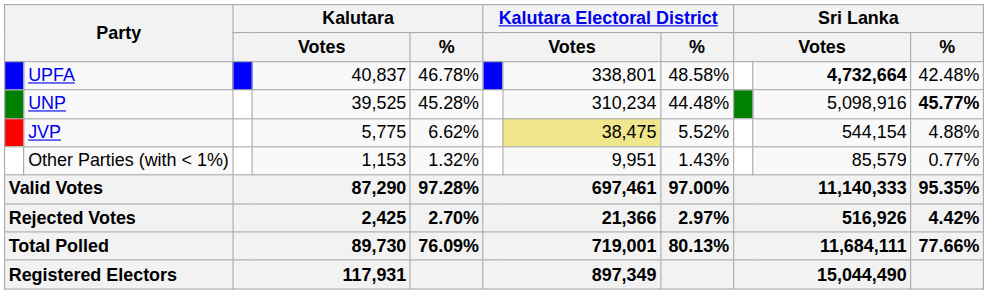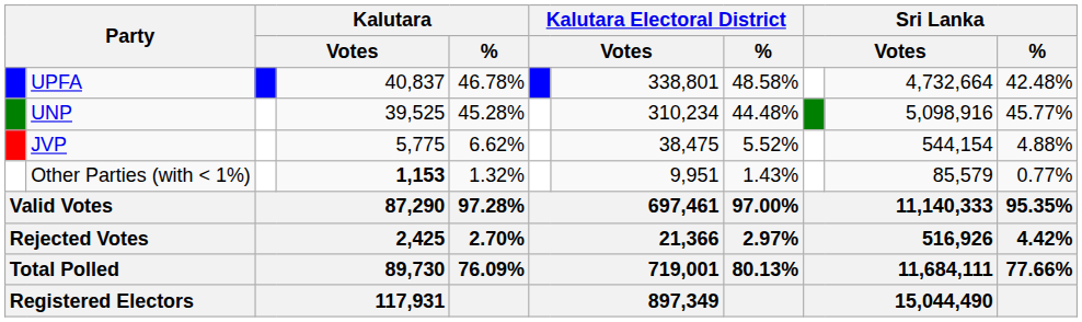 <table class="wikitable">
 <tr>
 <th colspan="2" width="144px"rowspan="2">Party</th>
 <th colspan="3" width="216px">Kalutara</th>
 <th colspan="3" width="216px"><a href='#'>Kalutara Electoral District</a></th>
 <th colspan="3" width="216px">Sri Lanka</th>
 </tr>
 <tr>
 <th colspan="2" width="144px">Votes</th>
 <th>%</th>
 <th colspan="2" width="144px">Votes</th>
 <th>%</th>
 <th colspan="2" width="144px">Votes</th>
 <th>%</th>
 </tr>
 <tr>
 <td style="background-color:blue;" width="10px"></td>
 <td style="text-align:left;"><a href='#'>UPFA</a></td>
 <td style="background-color:blue;" width="10px"></td>
 <td style="text-align:right;">40,837</td>
 <td style="text-align:right;">46.78%</td>
 <td style="background-color:blue;" width="10px"></td>
 <td style="text-align:right;">338,801</td>
 <td style="text-align:right;">48.58%</td>
 <td style="background-color:white;" width="10px"></td>
-<td style="text-align:right;"><strong>4,732,664</strong></td>
+<td style="text-align:right;">4,732,664</td>
 <td style="text-align:right;">42.48%</td>
 </tr>
 <tr>
 <td style="background-color:green;" width="10px"></td>
 <td style="text-align:left;"><a href='#'>UNP</a></td>
 <td style="background-color:white;" width="10px"></td>
 <td style="text-align:right;">39,525</td>
 <td style="text-align:right;">45.28%</td>
 <td style="background-color:white;" width="10px"></td>
 <td style="text-align:right;">310,234</td>
 <td style="text-align:right;">44.48%</td>
 <td style="background-color:green;" width="10px"></td>
 <td style="text-align:right;">5,098,916</td>
-<td style="text-align:right;"><strong>45.77%</strong></td>
+<td style="text-align:right;">45.77%</td>
 </tr>
 <tr>
 <td style="background-color:red;" width="10px"></td>
 <td style="text-align:left;"><a href='#'>JVP</a></td>
 <td style="background-color:white;" width="10px"></td>
 <td style="text-align:right;">5,775</td>
 <td style="text-align:right;">6.62%</td>
 <td style="background-color:white;" width="10px"></td>
-<td style="background: khaki; text-align:right;">38,475</td>
+<td style="text-align:right;">38,475</td>
 <td style="text-align:right;">5.52%</td>
 <td style="background-color:white;" width="10px"></td>
 <td style="text-align:right;">544,154</td>
 <td style="text-align:right;">4.88%</td>
 </tr>
 <tr>
 <td style="background-color:white;" width="10px"></td>
 <td style="text-align:left;">Other Parties (with < 1%)</td>
 <td style="background-color:white;" width="10px"></td>
-<td style="text-align:right;">1,153</td>
+<td style="text-align:right;"><strong>1,153</strong></td>
 <td style="text-align:right;">1.32%</td>
 <td style="background-color:white;" width="10px"></td>
 <td style="text-align:right;">9,951</td>
 <td style="text-align:right;">1.43%</td>
 <td style="background-color:white;" width="10px"></td>
 <td style="text-align:right;">85,579</td>
 <td style="text-align:right;">0.77%</td>
 </tr>
 <tr>
 <th colspan="2" width="144px"style="text-align:left;">Valid Votes</th>
 <th style="text-align:right;"colspan="2" width="144px">87,290</th>
 <th style="text-align:right;">97.28%</th>
 <th style="text-align:right;"colspan="2" width="144px">697,461</th>
 <th style="text-align:right;">97.00%</th>
 <th style="text-align:right;"colspan="2" width="144px">11,140,333</th>
 <th style="text-align:right;">95.35%</th>
 </tr>
 <tr>
 <th colspan="2" width="144px"style="text-align:left;">Rejected Votes</th>
 <th style="text-align:right;"colspan="2" width="144px">2,425</th>
 <th style="text-align:right;">2.70%</th>
 <th style="text-align:right;"colspan="2" width="144px">21,366</th>
 <th style="text-align:right;">2.97%</th>
 <th style="text-align:right;"colspan="2" width="144px">516,926</th>
 <th style="text-align:right;">4.42%</th>
 </tr>
 <tr>
 <th colspan="2" width="144px"style="text-align:left;">Total Polled</th>
 <th style="text-align:right;"colspan="2" width="144px">89,730</th>
 <th style="text-align:right;">76.09%</th>
 <th style="text-align:right;"colspan="2" width="144px">719,001</th>
 <th style="text-align:right;">80.13%</th>
 <th style="text-align:right;"colspan="2" width="144px">11,684,111</th>
 <th style="text-align:right;">77.66%</th>
 </tr>
 <tr>
 <th colspan="2" width="144px"style="text-align:left;">Registered Electors</th>
 <th style="text-align:right;"colspan="2" width="144px">117,931</th>
 <th></th>
 <th style="text-align:right;"colspan="2" width="144px">897,349</th>
 <th></th>
 <th style="text-align:right;"colspan="2" width="144px">15,044,490</th>
 <th></th>
 </tr>
 </table>
